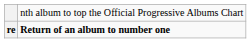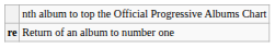 <table class="wikitable plainrowheaders" style="font-size:90%;">
 <tr>
 <th scope=col></th>
 <td>nth album to top the Official Progressive Albums Chart</td>
 </tr>
 <tr>
 <th scope=row style="text-align:center;">re</th>
-<td><strong>Return of an album to number one</strong></td>
+<td>Return of an album to number one</td>
 </tr>
 </table>
